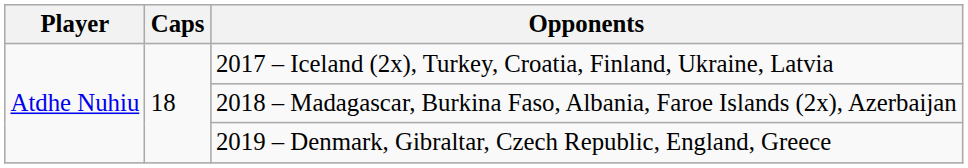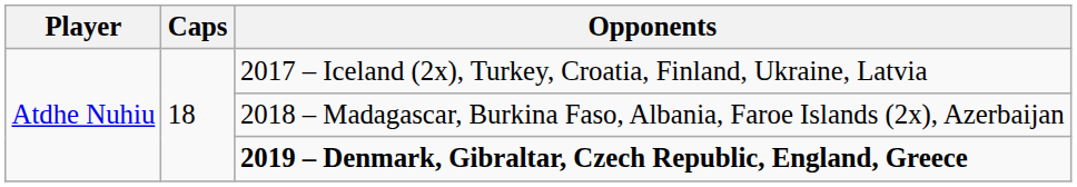 <table class="wikitable">
 <tr>
 <th>Player</th>
 <th>Caps</th>
 <th>Opponents</th>
 </tr>
 <tr>
 <td rowspan="3"><a href='#'>Atdhe Nuhiu</a></td>
 <td rowspan="3">18</td>
 <td>2017 – Iceland (2x), Turkey, Croatia, Finland, Ukraine, Latvia</td>
 </tr>
 <tr>
 <td>2018 – Madagascar, Burkina Faso, Albania, Faroe Islands (2x), Azerbaijan</td>
 </tr>
 <tr>
-<td>2019 – Denmark, Gibraltar, Czech Republic, England, Greece</td>
+<td><strong>2019 – Denmark, Gibraltar, Czech Republic, England, Greece</strong></td>
 </tr>
 </table>
